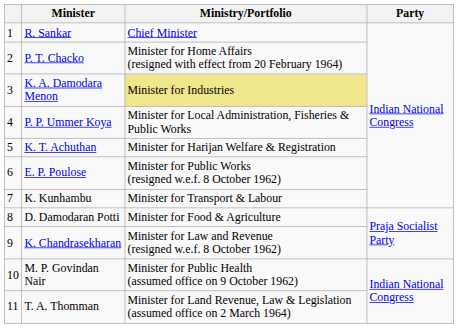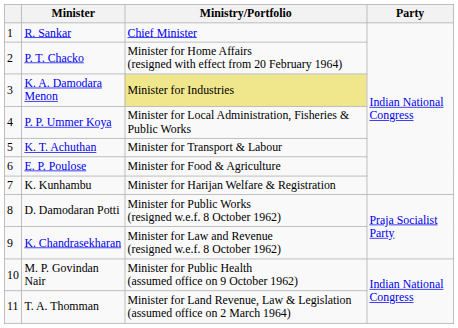 <table class="wikitable">
 <tr>
 <th></th>
 <th>Minister</th>
 <th>Ministry/Portfolio</th>
 <th>Party</th>
 </tr>
 <tr>
 <td>1</td>
 <td><a href='#'>R. Sankar</a></td>
 <td><a href='#'>Chief Minister</a></td>
 <td rowspan="7"><a href='#'>Indian National Congress</a></td>
 </tr>
 <tr>
 <td>2</td>
 <td><a href='#'>P. T. Chacko</a></td>
 <td>Minister for Home Affairs<br>(resigned with effect from 20 February 1964)</td>
 </tr>
 <tr>
 <td>3</td>
 <td><a href='#'>K. A. Damodara Menon</a></td>
 <td style="background: khaki;">Minister for Industries</td>
 </tr>
 <tr>
 <td>4</td>
 <td><a href='#'>P. P. Ummer Koya</a></td>
 <td>Minister for Local Administration, Fisheries & Public Works</td>
 </tr>
 <tr>
 <td>5</td>
 <td><a href='#'>K. T. Achuthan</a></td>
-<td>Minister for Harijan Welfare & Registration</td>
+<td>Minister for Transport & Labour</td>
 </tr>
 <tr>
 <td>6</td>
 <td><a href='#'>E. P. Poulose</a></td>
-<td>Minister for Public Works<br>(resigned w.e.f. 8 October 1962)</td>
+<td>Minister for Food & Agriculture</td>
 </tr>
 <tr>
 <td>7</td>
 <td>K. Kunhambu</td>
-<td>Minister for Transport & Labour</td>
+<td>Minister for Harijan Welfare & Registration</td>
 </tr>
 <tr>
 <td>8</td>
 <td>D. Damodaran Potti</td>
-<td>Minister for Food & Agriculture</td>
+<td>Minister for Public Works<br>(resigned w.e.f. 8 October 1962)</td>
 <td rowspan="2"><a href='#'>Praja Socialist Party</a></td>
 </tr>
 <tr>
 <td>9</td>
 <td><a href='#'>K. Chandrasekharan</a></td>
 <td>Minister for Law and Revenue<br>(resigned w.e.f. 8 October 1962)</td>
 </tr>
 <tr>
 <td>10</td>
 <td>M. P. Govindan Nair</td>
 <td>Minister for Public Health<br>(assumed office on 9 October 1962)</td>
 <td rowspan="2"><a href='#'>Indian National Congress</a></td>
 </tr>
 <tr>
 <td>11</td>
 <td>T. A. Thomman</td>
 <td>Minister for Land Revenue, Law & Legislation (assumed office on 2 March 1964)</td>
 </tr>
 </table>
